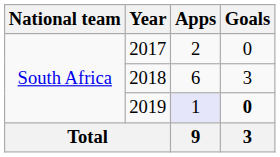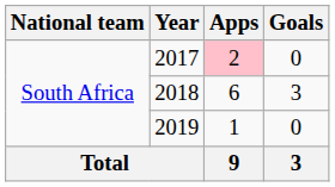 <table class="wikitable" style="text-align:center">
 <tr>
 <th>National team</th>
 <th>Year</th>
 <th>Apps</th>
 <th>Goals</th>
 </tr>
 <tr>
 <td rowspan="3"><a href='#'>South Africa</a></td>
 <td>2017</td>
-<td>2</td>
+<td style="background: pink;">2</td>
 <td>0</td>
 </tr>
 <tr>
 <td>2018</td>
 <td>6</td>
 <td>3</td>
 </tr>
 <tr>
 <td>2019</td>
-<td style="background: lavender;">1</td>
-<td><strong>0</strong></td>
+<td>1</td>
+<td>0</td>
 </tr>
 <tr>
 <th colspan=2>Total</th>
 <th>9</th>
 <th>3</th>
 </tr>
 </table>
